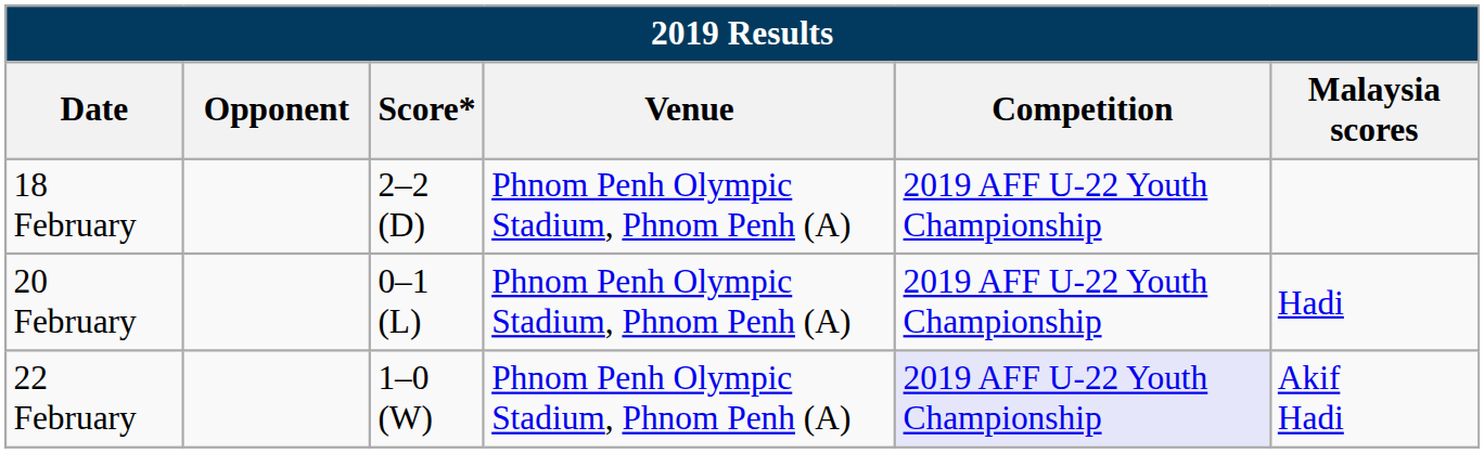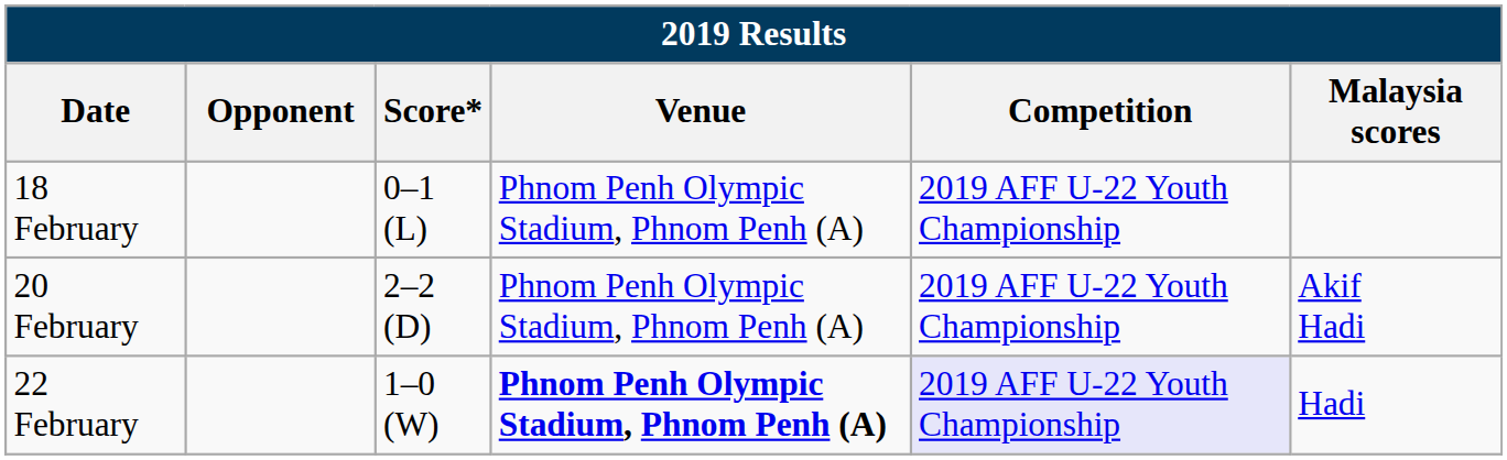 <table class="wikitable" width=100% style="text-align:left;font-size:90%;">
 <tr>
 <th colspan=9 style="background: #013A5E; color: #FFFFFF;">2019 Results</th>
 </tr>
 <tr>
 <th width=80>Date</th>
 <th width=80>Opponent</th>
 <th width=20>Score*</th>
 <th width=250>Venue</th>
 <th width=200>Competition</th>
 <th width=100>Malaysia scores</th>
 </tr>
 <tr>
 <td>18 February</td>
 <td></td>
-<td>2–2 (D)</td>
+<td>0–1 (L)</td>
 <td><a href='#'>Phnom Penh Olympic Stadium</a>, <a href='#'>Phnom Penh</a> (A)</td>
 <td><a href='#'>2019 AFF U-22 Youth Championship</a></td>
 <td></td>
 </tr>
 <tr>
 <td>20 February</td>
 <td></td>
-<td>0–1 (L)</td>
+<td>2–2 (D)</td>
 <td><a href='#'>Phnom Penh Olympic Stadium</a>, <a href='#'>Phnom Penh</a> (A)</td>
 <td><a href='#'>2019 AFF U-22 Youth Championship</a></td>
-<td><a href='#'>Hadi</a> </td>
+<td><a href='#'>Akif</a> <br><a href='#'>Hadi</a> </td>
 </tr>
 <tr>
 <td>22 February</td>
 <td></td>
 <td>1–0 (W)</td>
-<td><a href='#'>Phnom Penh Olympic Stadium</a>, <a href='#'>Phnom Penh</a> (A)</td>
+<td><strong><a href='#'>Phnom Penh Olympic Stadium</a>, <a href='#'>Phnom Penh</a> (A)</strong></td>
 <td style="background: lavender;"><a href='#'>2019 AFF U-22 Youth Championship</a></td>
-<td><a href='#'>Akif</a> <br><a href='#'>Hadi</a> </td>
+<td><a href='#'>Hadi</a> </td>
 </tr>
 </table>
